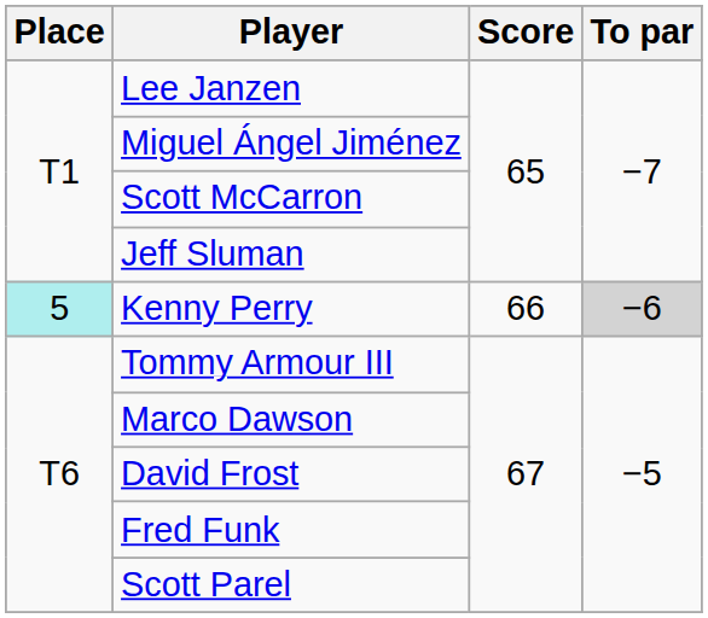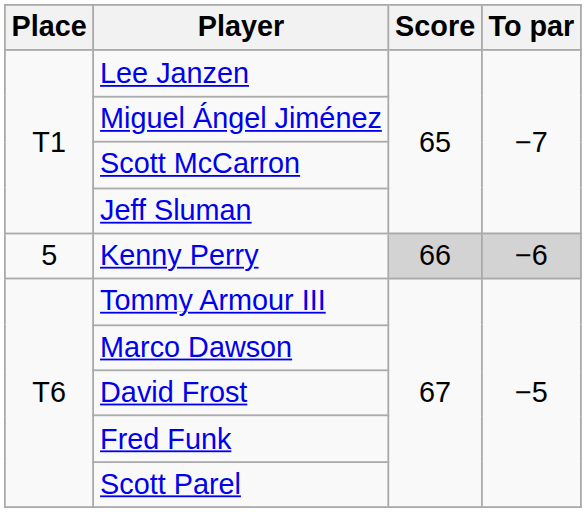 <table class="wikitable">
 <tr>
 <th>Place</th>
 <th>Player</th>
 <th>Score</th>
 <th>To par</th>
 </tr>
 <tr>
 <td rowspan="4" style="text-align:center;">T1</td>
 <td> <a href='#'>Lee Janzen</a></td>
 <td rowspan="4" style="text-align:center;">65</td>
 <td rowspan="4" style="text-align:center;">−7</td>
 </tr>
 <tr>
 <td> <a href='#'>Miguel Ángel Jiménez</a></td>
 </tr>
 <tr>
 <td> <a href='#'>Scott McCarron</a></td>
 </tr>
 <tr>
 <td> <a href='#'>Jeff Sluman</a></td>
 </tr>
 <tr>
-<td align=center style="background: paleturquoise;">5</td>
+<td align=center>5</td>
 <td> <a href='#'>Kenny Perry</a></td>
-<td align=center>66</td>
+<td align=center style="background: lightgrey;">66</td>
 <td align=center style="background: lightgrey;">−6</td>
 </tr>
 <tr>
 <td rowspan="5" style="text-align:center;">T6</td>
 <td> <a href='#'>Tommy Armour III</a></td>
 <td rowspan="5" style="text-align:center;">67</td>
 <td rowspan="5" style="text-align:center;">−5</td>
 </tr>
 <tr>
 <td> <a href='#'>Marco Dawson</a></td>
 </tr>
 <tr>
 <td> <a href='#'>David Frost</a></td>
 </tr>
 <tr>
 <td> <a href='#'>Fred Funk</a></td>
 </tr>
 <tr>
 <td> <a href='#'>Scott Parel</a></td>
 </tr>
 </table>
